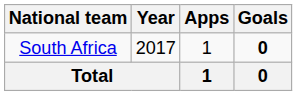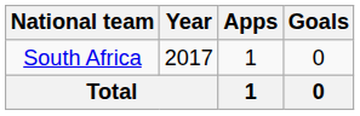 <table class="wikitable" style="text-align:center">
 <tr>
 <th>National team</th>
 <th>Year</th>
 <th>Apps</th>
 <th>Goals</th>
 </tr>
 <tr>
 <td><a href='#'>South Africa</a></td>
 <td>2017</td>
 <td>1</td>
-<td><strong>0</strong></td>
+<td>0</td>
 </tr>
 <tr>
 <th colspan=2>Total</th>
 <th>1</th>
 <th>0</th>
 </tr>
 </table>
